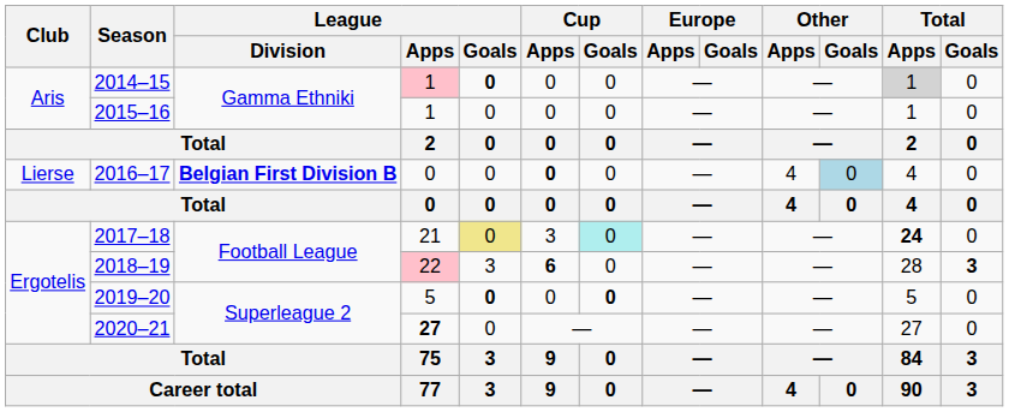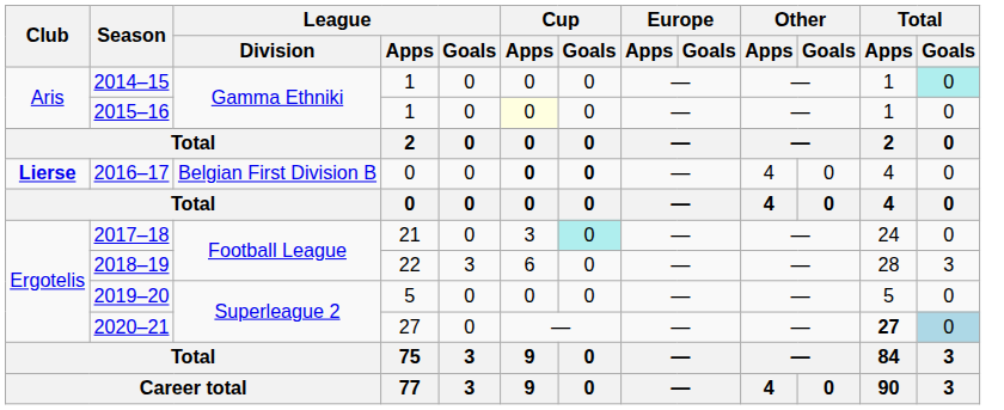 <table class="wikitable" style="text-align: center;">
 <tr>
 <th rowspan="2">Club</th>
 <th rowspan="2">Season</th>
 <th colspan="3">League</th>
 <th colspan="2">Cup</th>
 <th colspan="2">Europe</th>
 <th colspan="2">Other</th>
 <th colspan="2">Total</th>
 </tr>
 <tr>
 <th>Division</th>
 <th>Apps</th>
 <th>Goals</th>
 <th>Apps</th>
 <th>Goals</th>
 <th>Apps</th>
 <th>Goals</th>
 <th>Apps</th>
 <th>Goals</th>
 <th>Apps</th>
 <th>Goals</th>
 </tr>
 <tr>
 <td rowspan="2"><a href='#'>Aris</a></td>
 <td><a href='#'>2014–15</a></td>
 <td rowspan="2"><a href='#'>Gamma Ethniki</a></td>
-<td style="background: pink;">1</td>
-<td><strong>0</strong></td>
+<td>1</td>
+<td>0</td>
 <td>0</td>
 <td>0</td>
 <td colspan=2>—</td>
 <td colspan=2>—</td>
-<td style="background: lightgrey;">1</td>
-<td>0</td>
+<td>1</td>
+<td style="background: paleturquoise;">0</td>
 </tr>
 <tr>
 <td><a href='#'>2015–16</a></td>
 <td>1</td>
 <td>0</td>
-<td>0</td>
+<td style="background: lightyellow;">0</td>
 <td>0</td>
 <td colspan=2>—</td>
 <td colspan=2>—</td>
 <td>1</td>
 <td>0</td>
 </tr>
 <tr>
 <th colspan="3">Total</th>
 <th>2</th>
 <th>0</th>
 <th>0</th>
 <th>0</th>
 <th colspan=2>—</th>
 <th colspan=2>—</th>
 <th>2</th>
 <th>0</th>
 </tr>
 <tr>
-<td><a href='#'>Lierse</a></td>
+<td><strong><a href='#'>Lierse</a></strong></td>
 <td><a href='#'>2016–17</a></td>
-<td><strong><a href='#'>Belgian First Division B</a></strong></td>
+<td><a href='#'>Belgian First Division B</a></td>
 <td>0</td>
 <td>0</td>
 <td><strong>0</strong></td>
-<td>0</td>
+<td><strong>0</strong></td>
 <td colspan=2>—</td>
 <td>4</td>
-<td style="background: lightblue;">0</td>
+<td>0</td>
 <td>4</td>
 <td>0</td>
 </tr>
 <tr>
 <th colspan="3">Total</th>
 <th>0</th>
 <th>0</th>
 <th>0</th>
 <th>0</th>
 <th colspan=2>—</th>
 <th>4</th>
 <th>0</th>
 <th>4</th>
 <th>0</th>
 </tr>
 <tr>
 <td rowspan="4"><a href='#'>Ergotelis</a></td>
 <td><a href='#'>2017–18</a></td>
 <td rowspan="2"><a href='#'>Football League</a></td>
 <td>21</td>
-<td style="background: khaki;">0</td>
+<td>0</td>
 <td>3</td>
 <td style="background: paleturquoise;">0</td>
 <td colspan=2>—</td>
 <td colspan=2>—</td>
-<td><strong>24</strong></td>
+<td>24</td>
 <td>0</td>
 </tr>
 <tr>
 <td><a href='#'>2018–19</a></td>
-<td style="background: pink;">22</td>
+<td>22</td>
 <td>3</td>
-<td><strong>6</strong></td>
+<td>6</td>
 <td>0</td>
 <td colspan=2>—</td>
 <td colspan=2>—</td>
 <td>28</td>
-<td><strong>3</strong></td>
+<td>3</td>
 </tr>
 <tr>
 <td><a href='#'>2019–20</a></td>
 <td rowspan="2"><a href='#'>Superleague 2</a></td>
 <td>5</td>
-<td><strong>0</strong></td>
 <td>0</td>
-<td><strong>0</strong></td>
+<td>0</td>
+<td>0</td>
 <td colspan=2>—</td>
 <td colspan=2>—</td>
 <td>5</td>
 <td>0</td>
 </tr>
 <tr>
 <td><a href='#'>2020–21</a></td>
-<td><strong>27</strong></td>
+<td>27</td>
 <td>0</td>
 <td colspan=2>—</td>
 <td colspan=2>—</td>
 <td colspan=2>—</td>
-<td>27</td>
-<td>0</td>
+<td><strong>27</strong></td>
+<td style="background: lightblue;">0</td>
 </tr>
 <tr>
 <th colspan="3">Total</th>
 <th>75</th>
 <th>3</th>
 <th>9</th>
 <th>0</th>
 <th colspan=2>—</th>
 <th colspan=2>—</th>
 <th>84</th>
 <th>3</th>
 </tr>
 <tr>
 <th colspan="3">Career total</th>
 <th>77</th>
 <th>3</th>
 <th>9</th>
 <th>0</th>
 <th colspan=2>—</th>
 <th>4</th>
 <th>0</th>
 <th>90</th>
 <th>3</th>
 </tr>
 </table>
